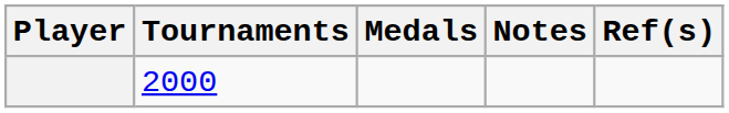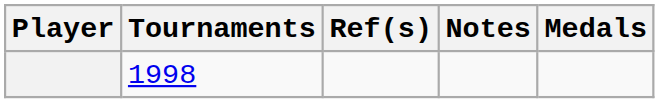 <table class="wikitable sortable plainrowheaders" style="text-align:center;">
 <tr>
 <th scope="col">Player</th>
 <th scope="col">Tournaments</th>
+<th scope="col" class="unsortable">Ref(s)</th>
+<th scope="col">Notes</th>
 <th scope="col">Medals</th>
-<th scope="col">Notes</th>
-<th scope="col" class="unsortable">Ref(s)</th>
 </tr>
 <tr>
 <th scope="row"></th>
-<td align=left><a href='#'>2000</a></td>
+<td align=left><a href='#'>1998</a></td>
+<td align=center></td>
 <td></td>
 <td></td>
-<td align=center></td>
 </tr>
 </table>
